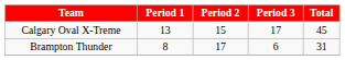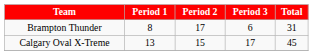 <table class="wikitable" width="80%">
 <tr align="center"  style="background:red;color:#FFFFFF;">
 <td><strong>Team</strong></td>
 <td><strong>Period 1</strong></td>
 <td><strong>Period 2</strong></td>
 <td><strong>Period 3</strong></td>
 <td><strong>Total</strong></td>
 </tr>
 <tr align="center" bgcolor="">
+<td>Brampton Thunder</td>
+<td>8</td>
+<td>17</td>
+<td>6</td>
+<td>31</td>
+</tr>
+<tr align="center" bgcolor="">
 <td>Calgary Oval X-Treme</td>
 <td>13</td>
 <td>15</td>
 <td>17</td>
 <td>45</td>
 </tr>
 <tr align="center" bgcolor="">
-<td>Brampton Thunder</td>
-<td>8</td>
-<td>17</td>
-<td>6</td>
-<td>31</td>
-</tr>
-<tr align="center" bgcolor="">
 </tr>
 </table>
